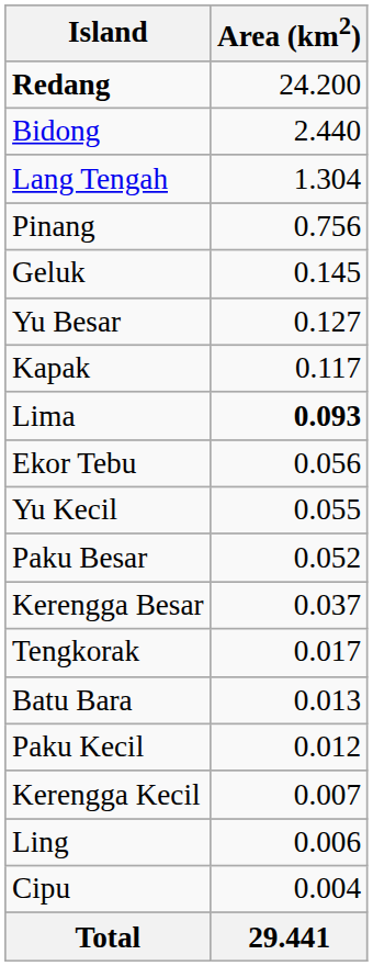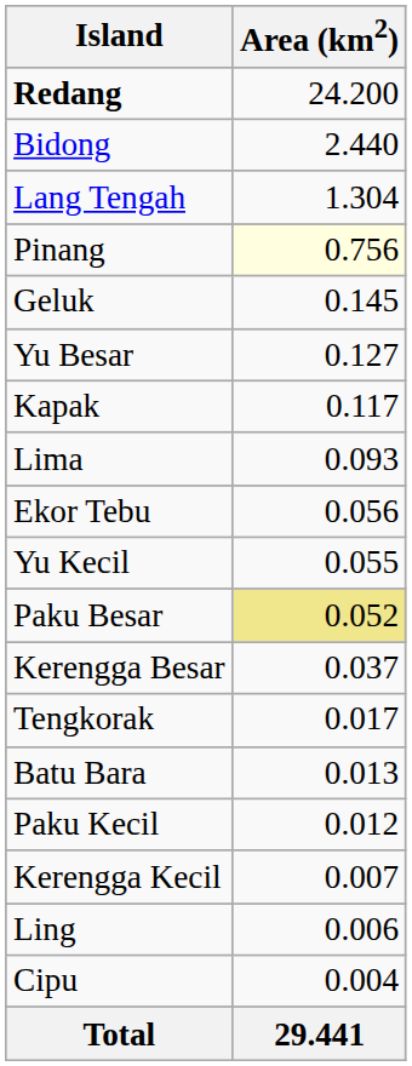 <table class="wikitable">
 <tr>
 <th>Island</th>
 <th>Area (km<sup>2</sup>)</th>
 </tr>
 <tr>
 <td><strong>Redang</strong></td>
 <td align=right>24.200</td>
 </tr>
 <tr>
 <td><a href='#'>Bidong</a></td>
 <td align=right>2.440</td>
 </tr>
 <tr>
 <td><a href='#'>Lang Tengah</a></td>
 <td align=right>1.304</td>
 </tr>
 <tr>
 <td>Pinang</td>
-<td align=right>0.756</td>
+<td align=right style="background: lightyellow;">0.756</td>
 </tr>
 <tr>
 <td>Geluk</td>
 <td align=right>0.145</td>
 </tr>
 <tr>
 <td>Yu Besar</td>
 <td align=right>0.127</td>
 </tr>
 <tr>
 <td>Kapak</td>
 <td align=right>0.117</td>
 </tr>
 <tr>
 <td>Lima</td>
-<td align=right><strong>0.093</strong></td>
+<td align=right>0.093</td>
 </tr>
 <tr>
 <td>Ekor Tebu</td>
 <td align=right>0.056</td>
 </tr>
 <tr>
 <td>Yu Kecil</td>
 <td align=right>0.055</td>
 </tr>
 <tr>
 <td>Paku Besar</td>
-<td align=right>0.052</td>
+<td align=right style="background: khaki;">0.052</td>
 </tr>
 <tr>
 <td>Kerengga Besar</td>
 <td align=right>0.037</td>
 </tr>
 <tr>
 <td>Tengkorak</td>
 <td align=right>0.017</td>
 </tr>
 <tr>
 <td>Batu Bara</td>
 <td align=right>0.013</td>
 </tr>
 <tr>
 <td>Paku Kecil</td>
 <td align=right>0.012</td>
 </tr>
 <tr>
 <td>Kerengga Kecil</td>
 <td align=right>0.007</td>
 </tr>
 <tr>
 <td>Ling</td>
 <td align=right>0.006</td>
 </tr>
 <tr>
 <td>Cipu</td>
 <td align=right>0.004</td>
 </tr>
 <tr>
 <th>Total</th>
 <th align=right>29.441</th>
 </tr>
 </table>
